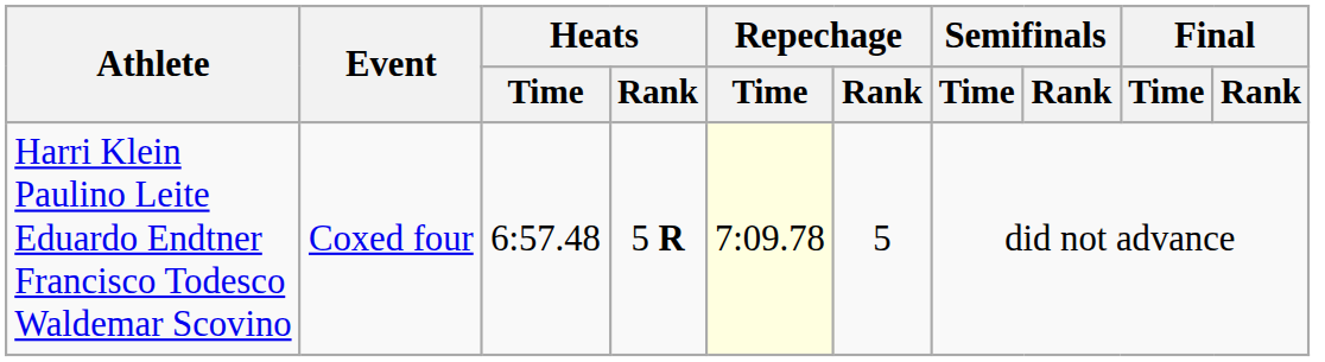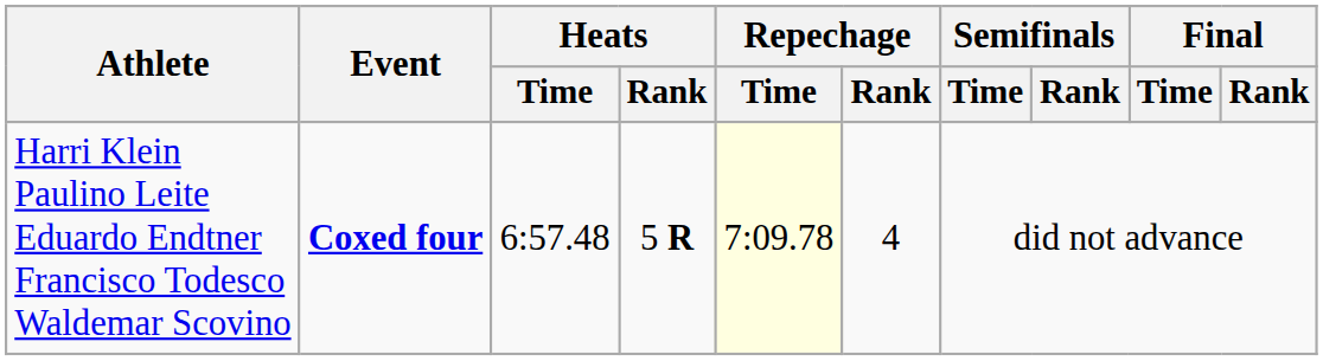 <table class="wikitable" style="font-size:90%">
 <tr>
 <th rowspan="2">Athlete</th>
 <th rowspan="2">Event</th>
 <th colspan="2">Heats</th>
 <th colspan="2">Repechage</th>
 <th colspan="2">Semifinals</th>
 <th colspan="2">Final</th>
 </tr>
 <tr style="font-size:95%">
 <th>Time</th>
 <th>Rank</th>
 <th>Time</th>
 <th>Rank</th>
 <th>Time</th>
 <th>Rank</th>
 <th>Time</th>
 <th>Rank</th>
 </tr>
 <tr align=center>
 <td align=left><a href='#'>Harri Klein</a><br><a href='#'>Paulino Leite</a><br><a href='#'>Eduardo Endtner</a><br><a href='#'>Francisco Todesco</a><br><a href='#'>Waldemar Scovino</a></td>
-<td align=left><a href='#'>Coxed four</a></td>
+<td align=left><strong><a href='#'>Coxed four</a></strong></td>
 <td>6:57.48</td>
 <td>5 <strong>R</strong></td>
 <td style="background: lightyellow;">7:09.78</td>
-<td>5</td>
+<td>4</td>
 <td colspan="4"  align="center">did not advance</td>
 </tr>
 </table>
